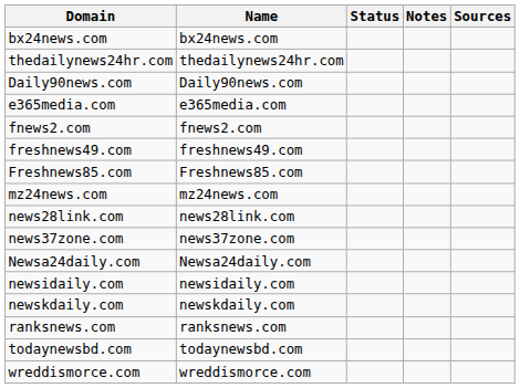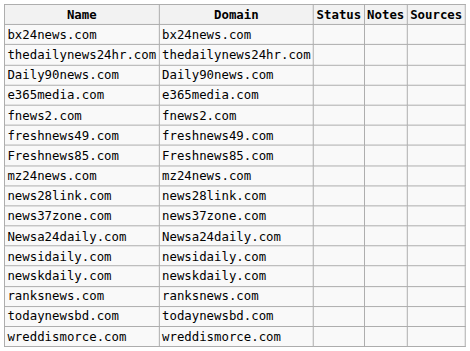 <table class="wikitable sortable mw-collapsible">
 <tr>
+<th>Name</th>
 <th>Domain</th>
-<th>Name</th>
 <th>Status</th>
 <th class="sortable">Notes</th>
 <th class="unsortable">Sources</th>
 </tr>
 <tr>
 <td>bx24news.com</td>
 <td>bx24news.com</td>
 <td></td>
 <td></td>
 <td></td>
 </tr>
 <tr>
 <td>thedailynews24hr.com</td>
 <td>thedailynews24hr.com</td>
 <td></td>
 <td></td>
 <td></td>
 </tr>
 <tr>
 <td>Daily90news.com</td>
 <td>Daily90news.com</td>
 <td></td>
 <td></td>
 <td></td>
 </tr>
 <tr>
 <td>e365media.com</td>
 <td>e365media.com</td>
 <td></td>
 <td></td>
 <td></td>
 </tr>
 <tr>
 <td>fnews2.com</td>
 <td>fnews2.com</td>
 <td></td>
 <td></td>
 <td></td>
 </tr>
 <tr>
 <td>freshnews49.com</td>
 <td>freshnews49.com</td>
 <td></td>
 <td></td>
 <td></td>
 </tr>
 <tr>
 <td>Freshnews85.com</td>
 <td>Freshnews85.com</td>
 <td></td>
 <td></td>
 <td></td>
 </tr>
 <tr>
 <td>mz24news.com</td>
 <td>mz24news.com</td>
 <td></td>
 <td></td>
 <td></td>
 </tr>
 <tr>
 <td>news28link.com</td>
 <td>news28link.com</td>
 <td></td>
 <td></td>
 <td></td>
 </tr>
 <tr>
 <td>news37zone.com</td>
 <td>news37zone.com</td>
 <td></td>
 <td></td>
 <td></td>
 </tr>
 <tr>
 <td>Newsa24daily.com</td>
 <td>Newsa24daily.com</td>
 <td></td>
 <td></td>
 <td></td>
 </tr>
 <tr>
 <td>newsidaily.com</td>
 <td>newsidaily.com</td>
 <td></td>
 <td></td>
 <td></td>
 </tr>
 <tr>
 <td>newskdaily.com</td>
 <td>newskdaily.com</td>
 <td></td>
 <td></td>
 <td></td>
 </tr>
 <tr>
 <td>ranksnews.com</td>
 <td>ranksnews.com</td>
 <td></td>
 <td></td>
 <td></td>
 </tr>
 <tr>
 <td>todaynewsbd.com</td>
 <td>todaynewsbd.com</td>
 <td></td>
 <td></td>
 <td></td>
 </tr>
 <tr>
 <td>wreddismorce.com</td>
 <td>wreddismorce.com</td>
 <td></td>
 <td></td>
 <td></td>
 </tr>
 </table>
